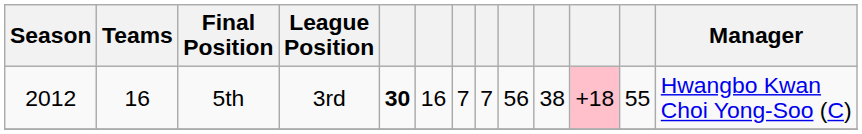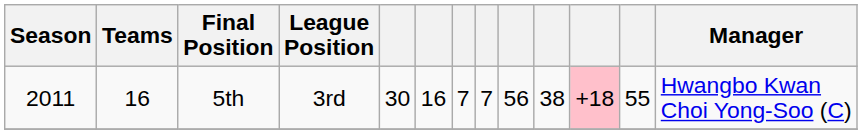 <table class="wikitable" style="text-align:center">
 <tr>
 <th>Season</th>
 <th>Teams</th>
 <th>Final<br>Position</th>
 <th>League<br>Position</th>
 <th></th>
 <th></th>
 <th></th>
 <th></th>
 <th></th>
 <th></th>
 <th></th>
 <th></th>
 <th>Manager</th>
 </tr>
 <tr>
-<td>2012</td>
+<td>2011</td>
 <td>16</td>
 <td>5th</td>
 <td>3rd</td>
-<td><strong>30</strong></td>
+<td>30</td>
 <td>16</td>
 <td>7</td>
 <td>7</td>
 <td>56</td>
 <td>38</td>
 <td align=right style="background: pink;">+18</td>
 <td>55</td>
 <td align=left> <a href='#'>Hwangbo Kwan</a><br> <a href='#'>Choi Yong-Soo</a> (<a href='#'>C</a>)</td>
 </tr>
 <tr>
 </tr>
 </table>
